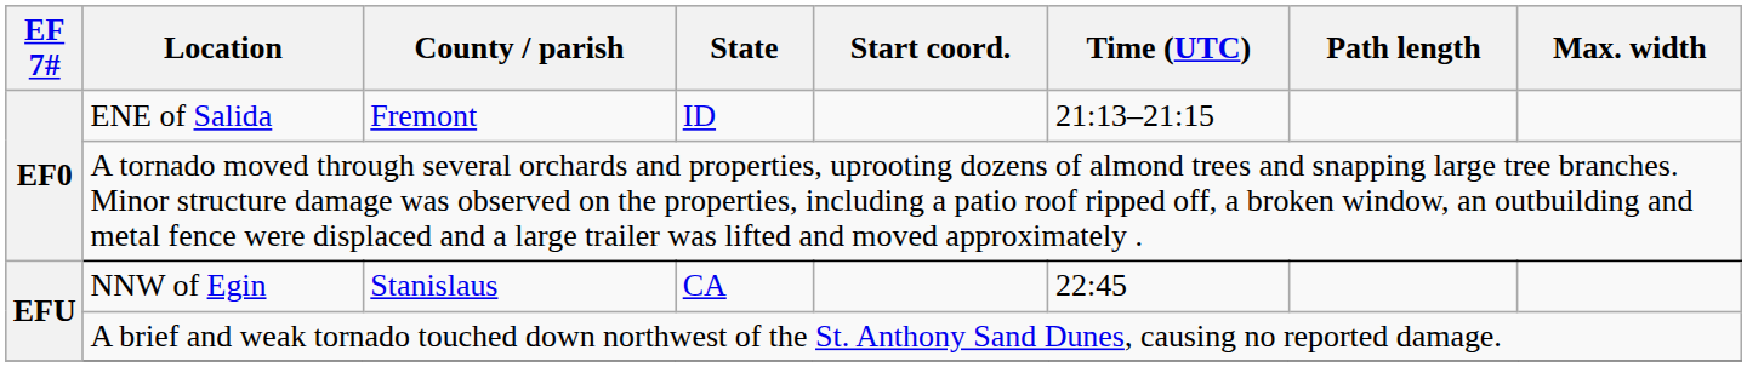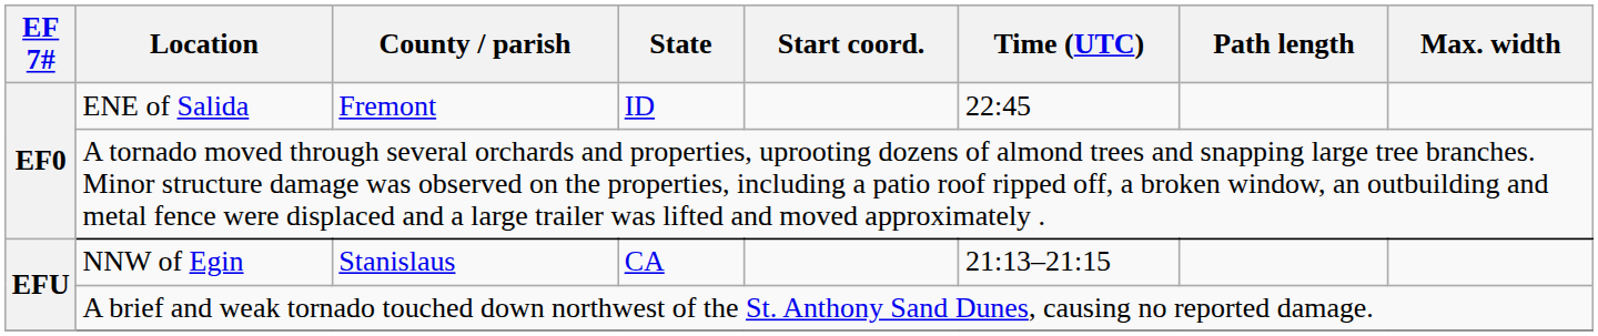 <table class="wikitable sortable" style="width:100%;">
 <tr>
 <th scope="col" width="2%" align="center"><a href='#'>EF 7#</a></th>
 <th scope="col" align="center" class="unsortable">Location</th>
 <th scope="col" align="center" class="unsortable">County / parish</th>
 <th scope="col" align="center">State</th>
 <th scope="col" align="center">Start coord.</th>
 <th scope="col" align="center">Time (<a href='#'>UTC</a>)</th>
 <th scope="col" align="center">Path length</th>
 <th scope="col" align="center">Max. width</th>
 </tr>
 <tr>
 <th scope="row" rowspan="2" style="background-color:#">EF0</th>
 <td>ENE of <a href='#'>Salida</a></td>
 <td><a href='#'>Fremont</a></td>
 <td><a href='#'>ID</a></td>
 <td></td>
-<td>21:13–21:15</td>
+<td>22:45</td>
 <td></td>
 <td></td>
 </tr>
 <tr class="expand-child">
 <td colspan="8" style=" border-bottom: 1px solid black;">A tornado moved through several orchards and properties, uprooting dozens of almond trees and snapping large tree branches. Minor structure damage was observed on the properties, including a patio roof ripped off, a broken window, an outbuilding and metal fence were displaced and a large trailer was lifted and moved approximately .</td>
 </tr>
 <tr>
 <th scope="row" rowspan="2" style="background-color:#">EFU</th>
 <td>NNW of <a href='#'>Egin</a></td>
 <td><a href='#'>Stanislaus</a></td>
 <td><a href='#'>CA</a></td>
 <td></td>
-<td>22:45</td>
+<td>21:13–21:15</td>
 <td></td>
 <td></td>
 </tr>
 <tr class="expand-child">
 <td colspan="8" style=" border-bottom: 1px solid black;">A brief and weak tornado touched down northwest of the <a href='#'>St. Anthony Sand Dunes</a>, causing no reported damage.</td>
 </tr>
 <tr>
 </tr>
 </table>
